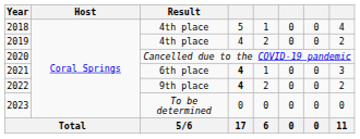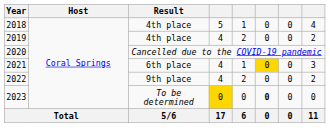 <table class="wikitable" style="text-align:center">
 <tr>
 <th width=30>Year</th>
 <th width=150>Host</th>
 <th width=120>Result</th>
 <th width=30></th>
 <th width=30></th>
 <th width=30></th>
 <th width=30></th>
 <th width=30></th>
 </tr>
 <tr>
 <td>2018</td>
 <td rowspan=6> <a href='#'>Coral Springs</a></td>
 <td>4th place</td>
 <td>5</td>
 <td>1</td>
 <td>0</td>
 <td>0</td>
 <td>4</td>
 </tr>
 <tr>
 <td>2019</td>
 <td>4th place<br></td>
 <td>4</td>
 <td>2</td>
 <td>0</td>
 <td>0</td>
 <td>2</td>
 </tr>
 <tr>
 <td>2020</td>
 <td colspan=6><em>Cancelled due to the <a href='#'>COVID-19 pandemic</a></em></td>
 </tr>
 <tr>
 <td>2021</td>
 <td>6th place<br></td>
-<td><strong>4</strong></td>
+<td>4</td>
 <td>1</td>
-<td>0</td>
+<td style="background: gold;">0</td>
 <td>0</td>
 <td>3</td>
 </tr>
 <tr>
 <td>2022</td>
 <td>9th place<br></td>
-<td><strong>4</strong></td>
+<td>4</td>
 <td>2</td>
 <td>0</td>
 <td>0</td>
 <td>2</td>
 </tr>
 <tr>
 <td>2023</td>
 <td><em>To be determined</em><br></td>
+<td style="background: gold;">0</td>
 <td>0</td>
-<td>0</td>
-<td>0</td>
+<td><strong>0</strong></td>
 <td>0</td>
 <td>0</td>
 </tr>
 <tr>
 <th colspan=2>Total</th>
 <th>5/6</th>
 <th>17</th>
 <th>6</th>
 <th>0</th>
 <th>0</th>
 <th>11</th>
 </tr>
 </table>
